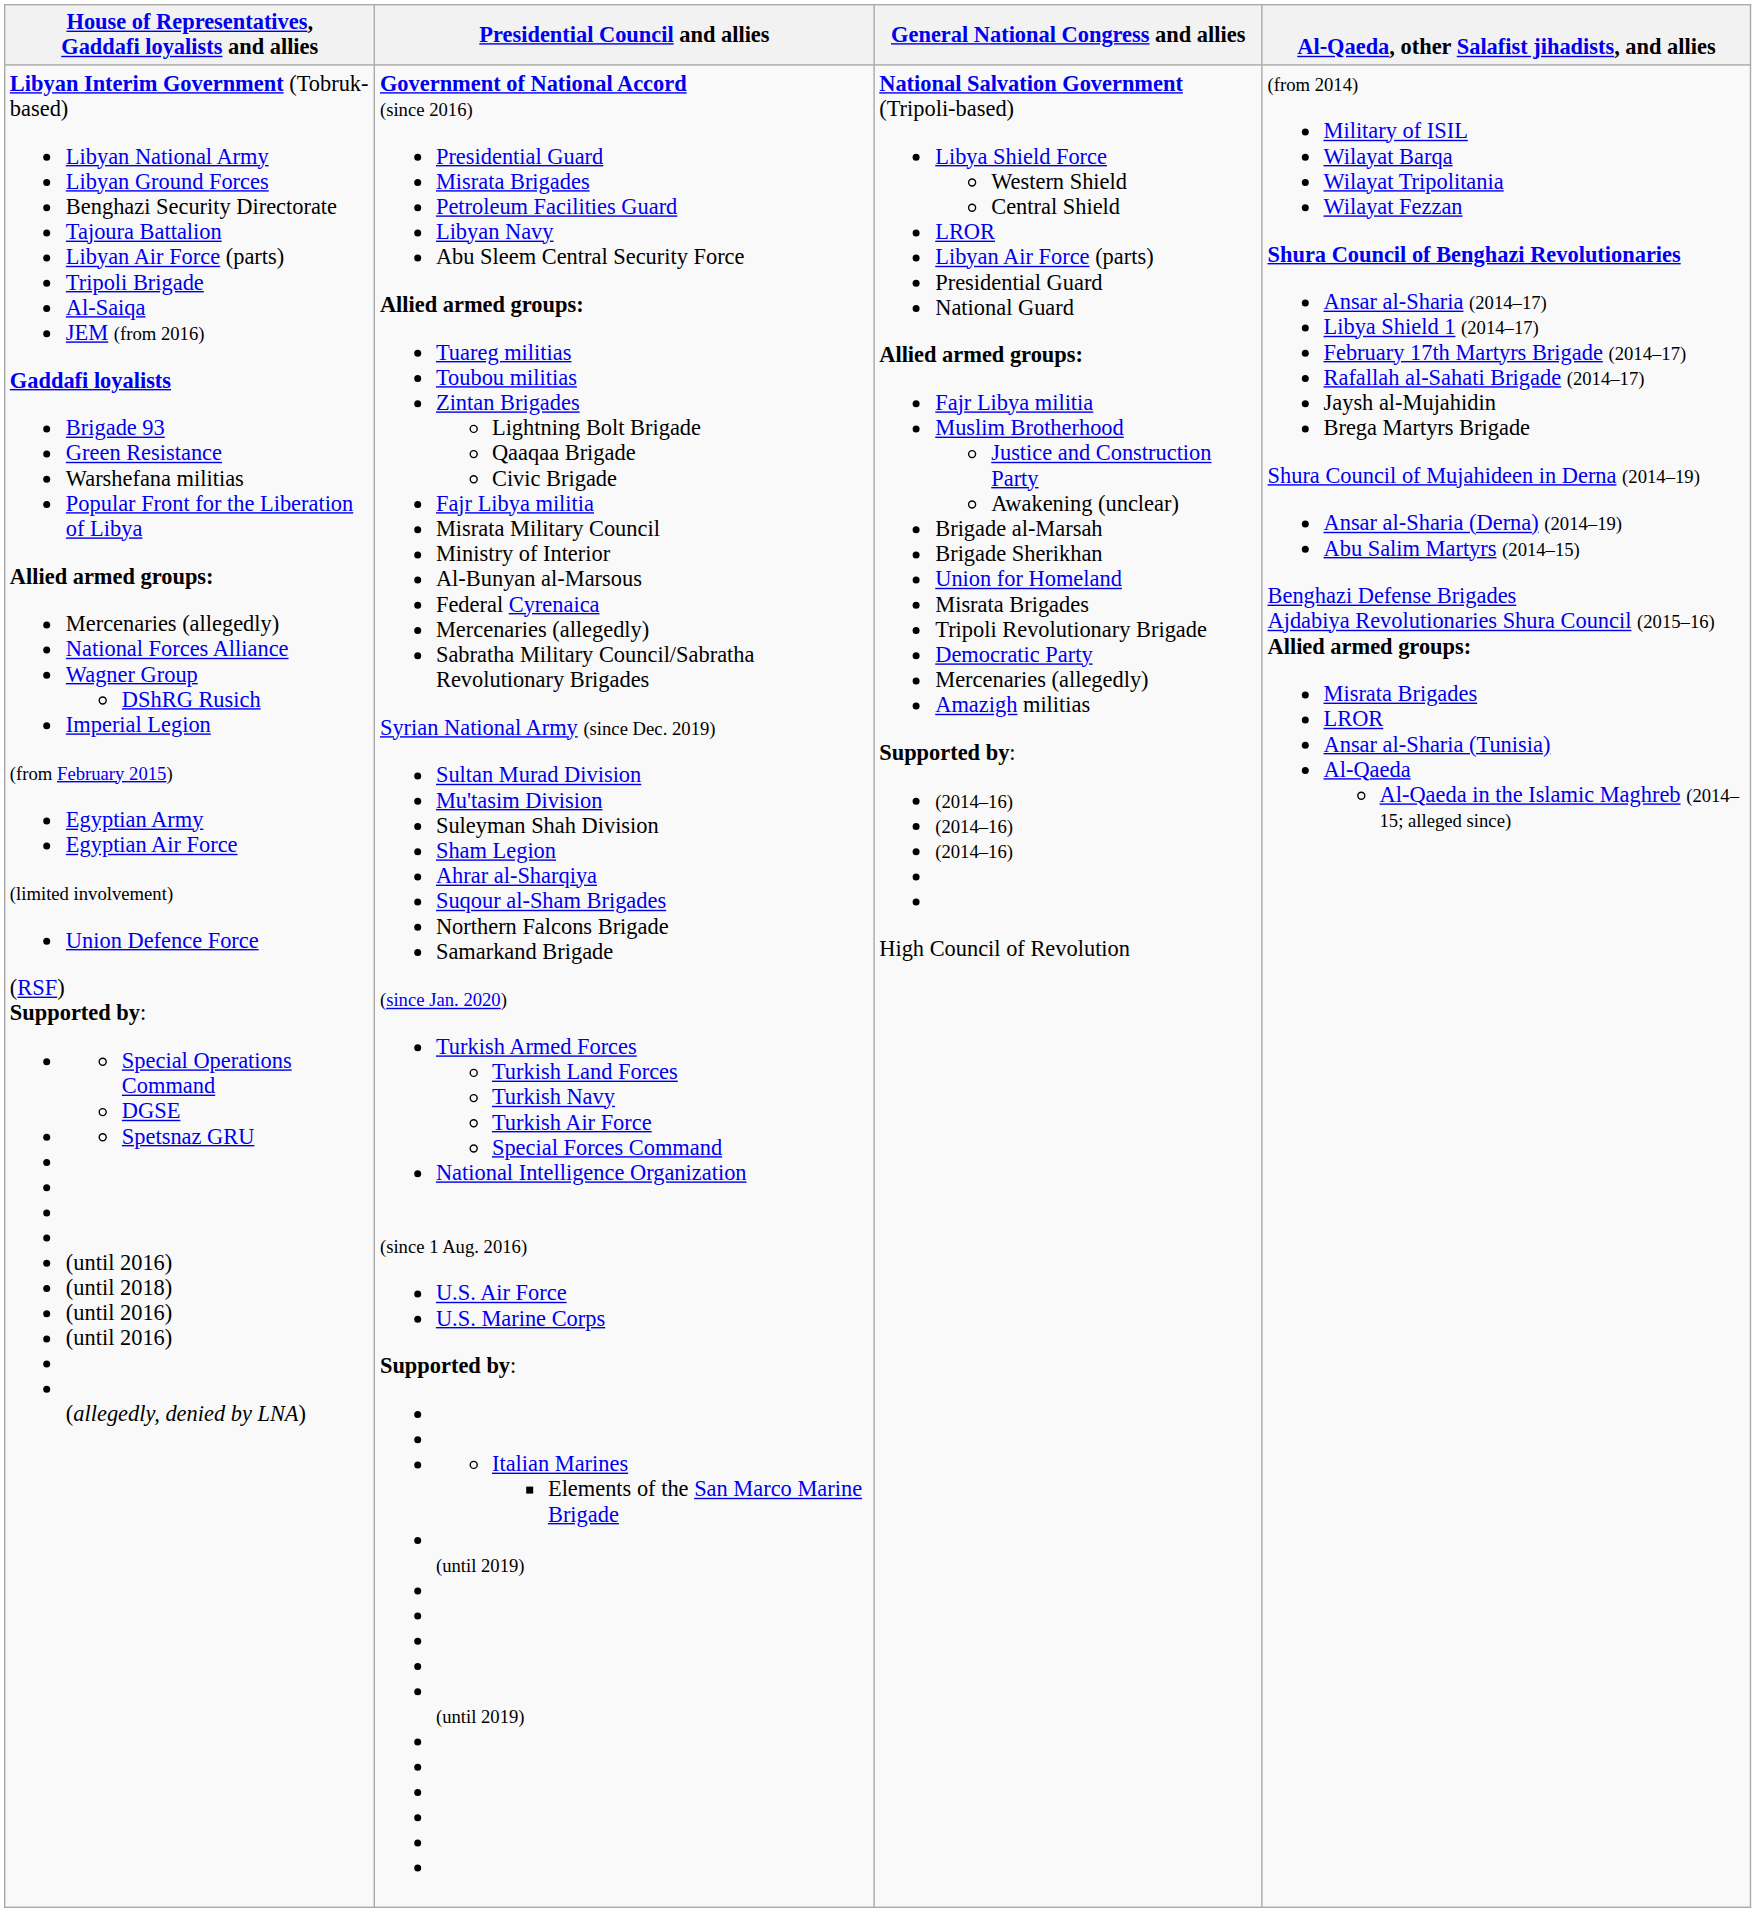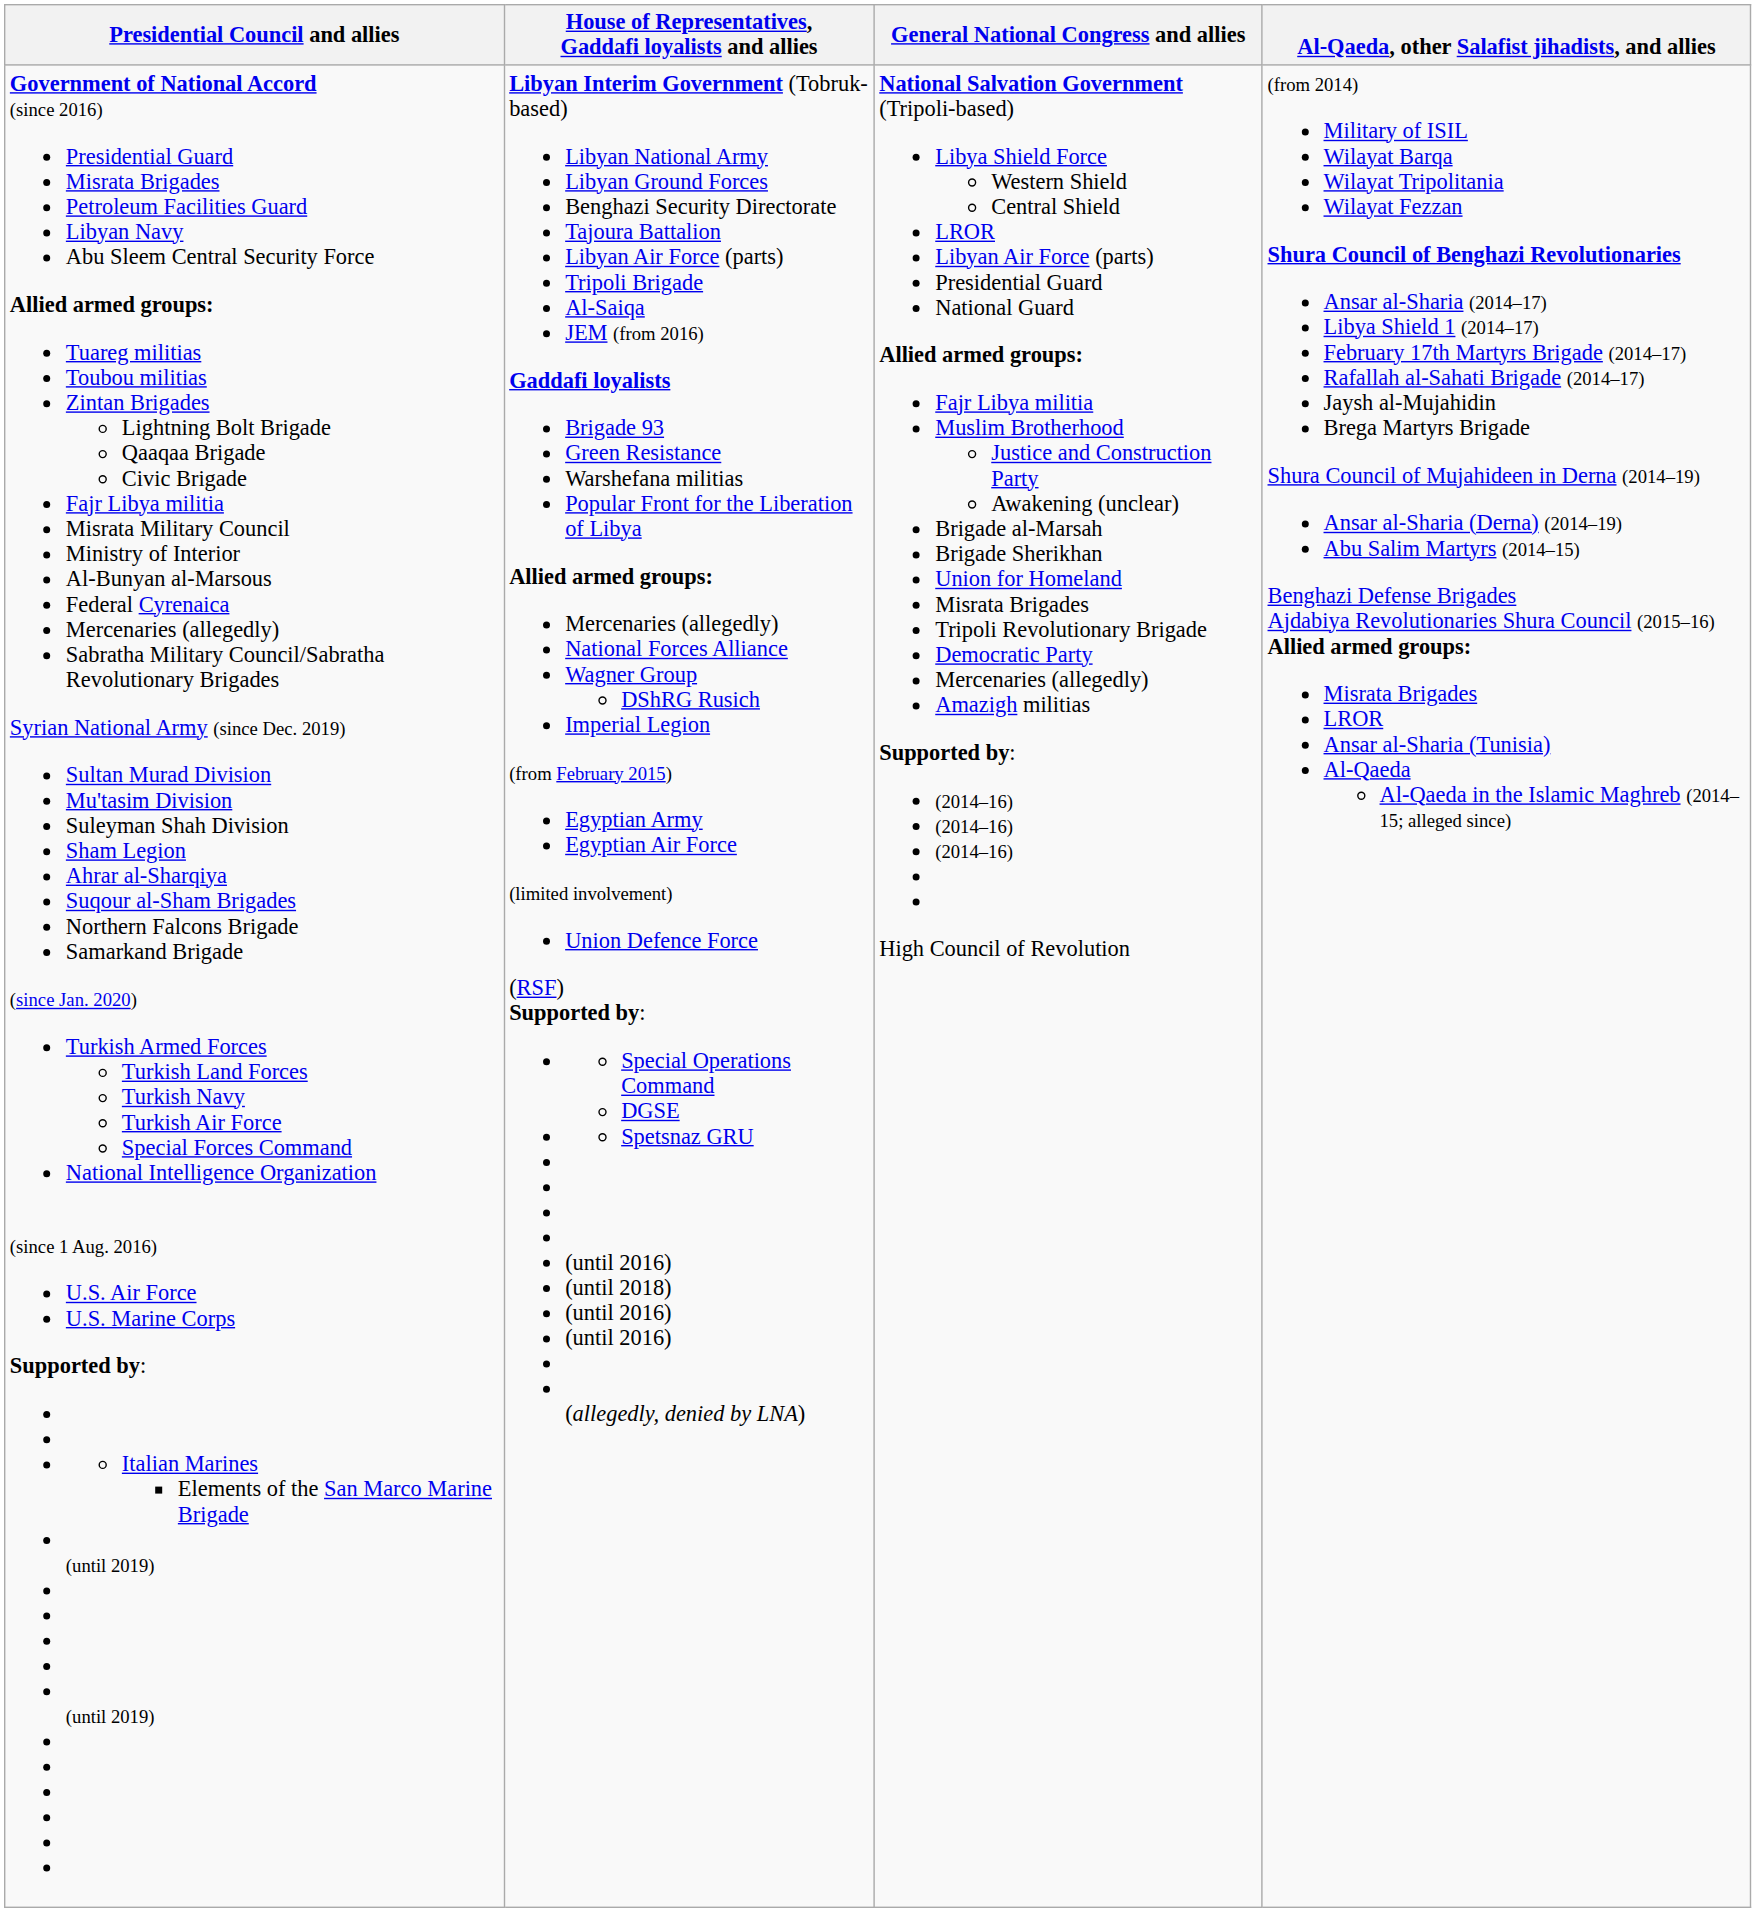 <table class="wikitable sortable">
 <tr>
+<th> <a href='#'>Presidential Council</a> and allies</th>
 <th> <a href='#'>House of Representatives</a>,<br> <a href='#'>Gaddafi loyalists</a> and allies</th>
-<th> <a href='#'>Presidential Council</a> and allies</th>
 <th> <a href='#'>General National Congress</a> and allies</th>
 <th><br> <a href='#'>Al-Qaeda</a>, other <a href='#'>Salafist jihadists</a>, and allies</th>
 </tr>
 <tr>
+<td valign=top> <strong><a href='#'>Government of National Accord</a></strong><br><small>(since 2016)</small><br><ul><li><a href='#'>Presidential Guard</a></li><li><a href='#'>Misrata Brigades</a></li><li><a href='#'>Petroleum Facilities Guard</a></li><li> <a href='#'>Libyan Navy</a></li><li>Abu Sleem Central Security Force</li></ul><strong>Allied armed groups:</strong><ul><li> <a href='#'>Tuareg militias</a></li><li> <a href='#'>Toubou militias</a></li><li><a href='#'>Zintan Brigades</a><ul><li>Lightning Bolt Brigade</li><li>Qaaqaa Brigade</li><li>Civic Brigade</li></ul></li><li><a href='#'>Fajr Libya militia</a></li><li>Misrata Military Council</li><li>Ministry of Interior</li><li>Al-Bunyan al-Marsous</li><li> Federal <a href='#'>Cyrenaica</a></li><li>Mercenaries (allegedly)</li><li>Sabratha Military Council/Sabratha Revolutionary Brigades</li></ul> <a href='#'>Syrian National Army</a> <small>(since Dec. 2019)</small><ul><li> <a href='#'>Sultan Murad Division</a></li><li> <a href='#'>Mu'tasim Division</a></li><li> Suleyman Shah Division</li><li> <a href='#'>Sham Legion</a></li><li> <a href='#'>Ahrar al-Sharqiya</a></li><li><a href='#'>Suqour al-Sham Brigades</a></li><li>Northern Falcons Brigade</li><li>Samarkand Brigade</li></ul> <small>(<a href='#'>since Jan. 2020</a>)</small><ul><li><a href='#'>Turkish Armed Forces</a><ul><li> <a href='#'>Turkish Land Forces</a></li><li><a href='#'>Turkish Navy</a></li><li><a href='#'>Turkish Air Force</a></li><li><a href='#'>Special Forces Command</a></li></ul></li><li><a href='#'>National Intelligence Organization</a></li></ul> <small><br>(since 1 Aug. 2016)</small><ul><li> <a href='#'>U.S. Air Force</a></li><li> <a href='#'>U.S. Marine Corps</a></li></ul><strong>Supported by</strong>:<ul><li></li><li></li><li><ul><li><a href='#'>Italian Marines</a><ul><li>Elements of the <a href='#'>San Marco Marine Brigade</a></li></ul></li></ul></li><li><small><br>(until 2019)</small></li><li></li><li></li><li></li><li></li><li><small><br>(until 2019)</small></li><li></li><li></li><li></li><li></li><li></li><li></li></ul></td>
 <td valign=top> <strong><a href='#'>Libyan Interim Government</a></strong> (Tobruk-based)<br><ul><li> <a href='#'>Libyan National Army</a></li><li> <a href='#'>Libyan Ground Forces</a></li><li>Benghazi Security Directorate</li><li><a href='#'>Tajoura Battalion</a></li><li> <a href='#'>Libyan Air Force</a> (parts)</li><li><a href='#'>Tripoli Brigade</a></li><li> <a href='#'>Al-Saiqa</a></li><li> <a href='#'>JEM</a> <small>(from 2016)</small></li></ul> <strong><a href='#'>Gaddafi loyalists</a></strong><ul><li><a href='#'>Brigade 93</a></li><li><a href='#'>Green Resistance</a></li><li>Warshefana militias</li><li><a href='#'>Popular Front for the Liberation of Libya</a></li></ul><strong>Allied armed groups:</strong><ul><li>Mercenaries (allegedly)</li><li><a href='#'>National Forces Alliance</a></li><li> <a href='#'>Wagner Group</a><ul><li> <a href='#'>DShRG Rusich</a></li></ul></li><li> <a href='#'>Imperial Legion</a></li></ul> <small>(from <a href='#'>February 2015</a>)</small><ul><li> <a href='#'>Egyptian Army</a></li><li> <a href='#'>Egyptian Air Force</a></li></ul> <small>(limited involvement)</small><ul><li> <a href='#'>Union Defence Force</a></li></ul> (<a href='#'>RSF</a>)<br> <strong>Supported by</strong>:<ul><li><ul><li><a href='#'>Special Operations Command</a></li><li><a href='#'>DGSE</a></li></ul></li><li><ul><li><a href='#'>Spetsnaz GRU</a></li></ul></li><li></li><li></li><li></li><li></li><li> (until 2016)</li><li> (until 2018)</li><li> (until 2016)</li><li> (until 2016)</li><li></li><li><br> (<em>allegedly, denied by LNA</em>)</li></ul></td>
-<td valign=top> <strong><a href='#'>Government of National Accord</a></strong><br><small>(since 2016)</small><br><ul><li><a href='#'>Presidential Guard</a></li><li><a href='#'>Misrata Brigades</a></li><li><a href='#'>Petroleum Facilities Guard</a></li><li> <a href='#'>Libyan Navy</a></li><li>Abu Sleem Central Security Force</li></ul><strong>Allied armed groups:</strong><ul><li> <a href='#'>Tuareg militias</a></li><li> <a href='#'>Toubou militias</a></li><li><a href='#'>Zintan Brigades</a><ul><li>Lightning Bolt Brigade</li><li>Qaaqaa Brigade</li><li>Civic Brigade</li></ul></li><li><a href='#'>Fajr Libya militia</a></li><li>Misrata Military Council</li><li>Ministry of Interior</li><li>Al-Bunyan al-Marsous</li><li> Federal <a href='#'>Cyrenaica</a></li><li>Mercenaries (allegedly)</li><li>Sabratha Military Council/Sabratha Revolutionary Brigades</li></ul> <a href='#'>Syrian National Army</a> <small>(since Dec. 2019)</small><ul><li> <a href='#'>Sultan Murad Division</a></li><li> <a href='#'>Mu'tasim Division</a></li><li> Suleyman Shah Division</li><li> <a href='#'>Sham Legion</a></li><li> <a href='#'>Ahrar al-Sharqiya</a></li><li><a href='#'>Suqour al-Sham Brigades</a></li><li>Northern Falcons Brigade</li><li>Samarkand Brigade</li></ul> <small>(<a href='#'>since Jan. 2020</a>)</small><ul><li><a href='#'>Turkish Armed Forces</a><ul><li> <a href='#'>Turkish Land Forces</a></li><li><a href='#'>Turkish Navy</a></li><li><a href='#'>Turkish Air Force</a></li><li><a href='#'>Special Forces Command</a></li></ul></li><li><a href='#'>National Intelligence Organization</a></li></ul> <small><br>(since 1 Aug. 2016)</small><ul><li> <a href='#'>U.S. Air Force</a></li><li> <a href='#'>U.S. Marine Corps</a></li></ul><strong>Supported by</strong>:<ul><li></li><li></li><li><ul><li><a href='#'>Italian Marines</a><ul><li>Elements of the <a href='#'>San Marco Marine Brigade</a></li></ul></li></ul></li><li><small><br>(until 2019)</small></li><li></li><li></li><li></li><li></li><li><small><br>(until 2019)</small></li><li></li><li></li><li></li><li></li><li></li><li></li></ul></td>
 <td valign=top> <strong><a href='#'>National Salvation Government</a></strong> (Tripoli-based)<br><ul><li> <a href='#'>Libya Shield Force</a><ul><li>Western Shield</li><li>Central Shield</li></ul></li><li><a href='#'>LROR</a></li><li> <a href='#'>Libyan Air Force</a> (parts)</li><li>Presidential Guard</li><li>National Guard</li></ul><strong>Allied armed groups:</strong><ul><li><a href='#'>Fajr Libya militia</a></li><li> <a href='#'>Muslim Brotherhood</a><ul><li><a href='#'>Justice and Construction Party</a></li><li>Awakening (unclear)</li></ul></li><li>Brigade al-Marsah</li><li>Brigade Sherikhan</li><li><a href='#'>Union for Homeland</a></li><li>Misrata Brigades</li><li>Tripoli Revolutionary Brigade</li><li><a href='#'>Democratic Party</a></li><li>Mercenaries (allegedly)</li><li><a href='#'>Amazigh</a> militias</li></ul><strong>Supported by</strong>:<ul><li> <small>(2014–16)</small></li><li> <small>(2014–16)</small></li><li> <small>(2014–16)</small></li><li></li><li></li></ul> High Council of Revolution </td>
 <td valign=top><strong></strong> <small>(from 2014)</small><br><ul><li> <a href='#'>Military of ISIL</a></li><li> <a href='#'>Wilayat Barqa</a></li><li> <a href='#'>Wilayat Tripolitania</a></li><li> <a href='#'>Wilayat Fezzan</a></li></ul> <strong><a href='#'>Shura Council of Benghazi Revolutionaries</a></strong><ul><li> <a href='#'>Ansar al-Sharia</a> <small>(2014–17)</small></li><li><a href='#'>Libya Shield 1</a> <small>(2014–17)</small></li><li><a href='#'>February 17th Martyrs Brigade</a> <small>(2014–17)</small></li><li><a href='#'>Rafallah al-Sahati Brigade</a> <small>(2014–17)</small></li><li>Jaysh al-Mujahidin</li><li>Brega Martyrs Brigade</li></ul> <a href='#'>Shura Council of Mujahideen in Derna</a> <small>(2014–19)</small><ul><li><a href='#'>Ansar al-Sharia (Derna)</a> <small>(2014–19)</small></li><li><a href='#'>Abu Salim Martyrs</a> <small>(2014–15)</small></li></ul> <a href='#'>Benghazi Defense Brigades</a><br>  <a href='#'>Ajdabiya Revolutionaries Shura Council</a> <small>(2015–16)</small><br><strong>Allied armed groups:</strong><ul><li><a href='#'>Misrata Brigades</a></li><li> <a href='#'>LROR</a></li><li><a href='#'>Ansar al-Sharia (Tunisia)</a></li><li> <a href='#'>Al-Qaeda</a><ul><li> <a href='#'>Al-Qaeda in the Islamic Maghreb</a> <small>(2014–15; alleged since)</small></li></ul></li></ul></td>
 </tr>
 </table>
